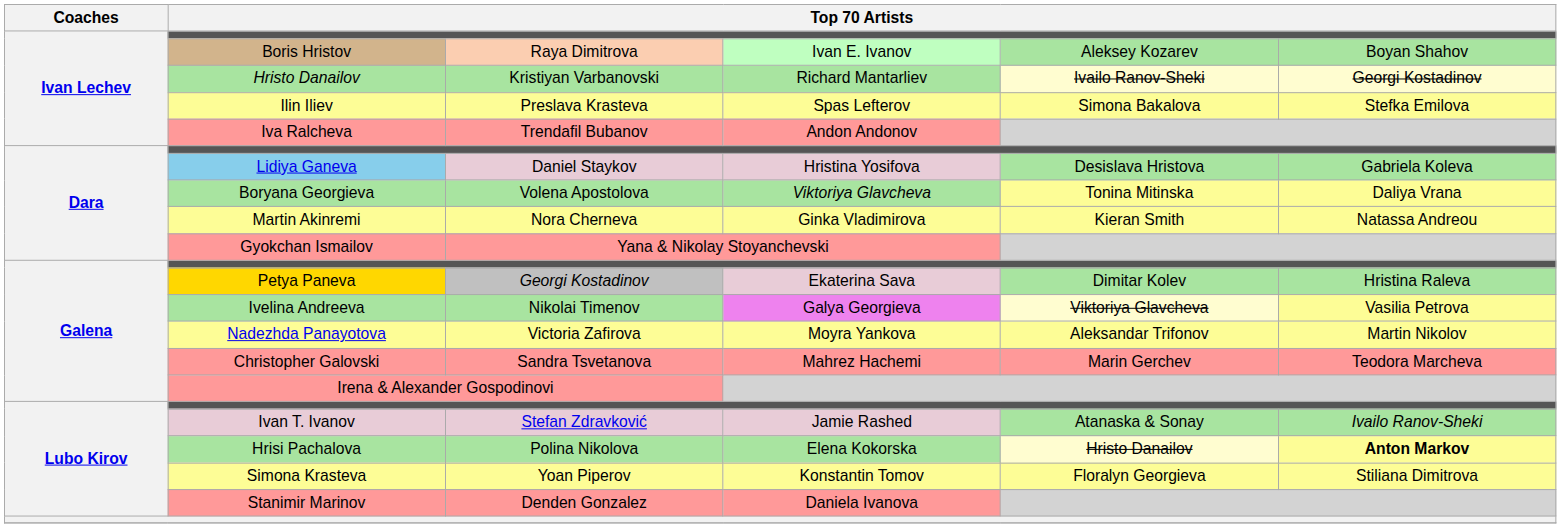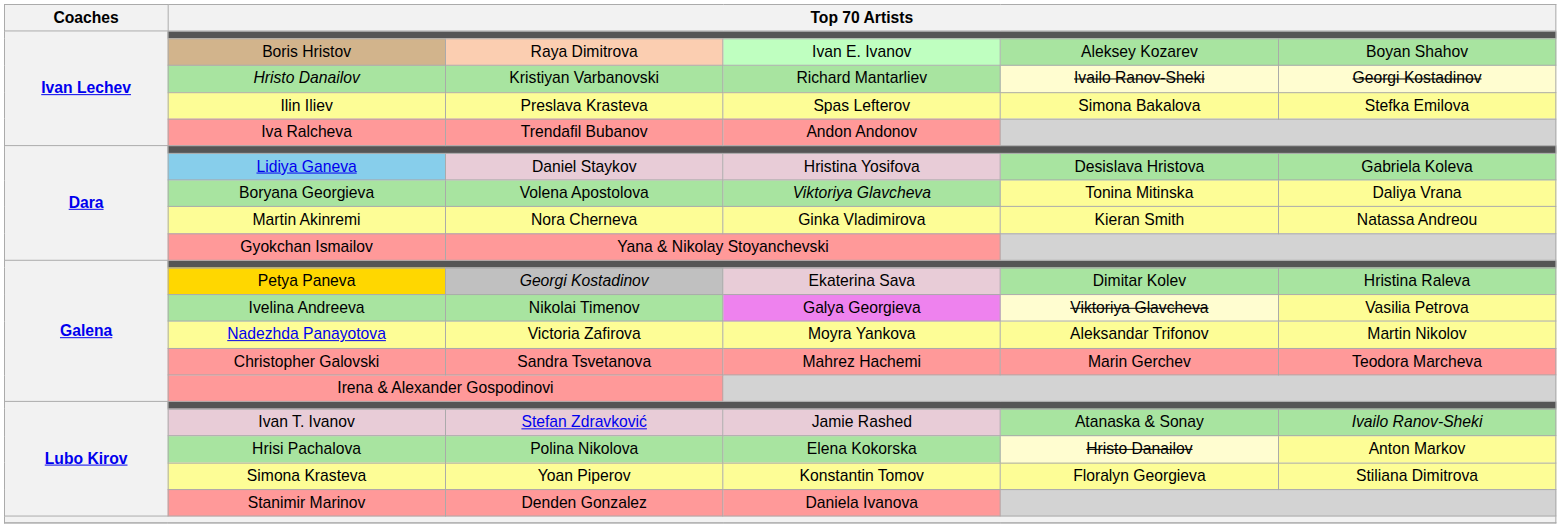 <table class="wikitable" style="text-align:center; line-height:20px; width:100%">
 <tr>
 <th scope="col" width="10%">Coaches</th>
 <th scope="col" width="90%" colspan="6">Top 70 Artists</th>
 </tr>
 <tr>
 <th rowspan="5"><a href='#'>Ivan Lechev</a></th>
 <td colspan="6" style="background:#555555"></td>
 </tr>
 <tr>
 <td style="background: tan">Boris Hristov</td>
 <td style="background:#fbceb1">Raya Dimitrova</td>
 <td style="background:#BFFFC0">Ivan E. Ivanov</td>
 <td style="background:#A8E4A0">Aleksey Kozarev</td>
 <td style="background:#A8E4A0">Boyan Shahov</td>
 </tr>
 <tr>
 <td style="background:#A8E4A0"><em>Hristo Danailov</em></td>
 <td style="background:#A8E4A0">Kristiyan Varbanovski</td>
 <td style="background:#A8E4A0">Richard Mantarliev</td>
 <td style="background:#FFFDD0"><s>Ivailo Ranov-Sheki</s></td>
 <td style="background:#FFFDD0"><s>Georgi Kostadinov</s></td>
 </tr>
 <tr>
 <td style="background:#FDFD96">Ilin Iliev</td>
 <td style="background:#FDFD96">Preslava Krasteva</td>
 <td style="background:#FDFD96">Spas Lefterov</td>
 <td style="background:#FDFD96">Simona Bakalova</td>
 <td style="background:#FDFD96">Stefka Emilova</td>
 </tr>
 <tr>
 <td style="background:#FF9999">Iva Ralcheva</td>
 <td style="background:#FF9999">Trendafil Bubanov</td>
 <td style="background:#FF9999">Andon Andonov</td>
 <td colspan="2" bgcolor="lightgrey"></td>
 </tr>
 <tr>
 <th rowspan="5"><a href='#'>Dara</a></th>
 <td colspan="6" style="background:#555555"></td>
 </tr>
 <tr>
 <td style="background: skyblue"><a href='#'>Lidiya Ganeva</a></td>
 <td style="background:#E8CCD7">Daniel Staykov</td>
 <td style="background:#E8CCD7">Hristina Yosifova</td>
 <td style="background:#A8E4A0">Desislava Hristova</td>
 <td style="background:#A8E4A0">Gabriela Koleva</td>
 </tr>
 <tr>
 <td style="background:#A8E4A0">Boryana Georgieva</td>
 <td style="background:#A8E4A0">Volena Apostolova</td>
 <td style="background:#A8E4A0"><em>Viktoriya Glavcheva</em></td>
 <td style="background:#FDFD96">Tonina Mitinska</td>
 <td style="background:#FDFD96">Daliya Vrana</td>
 </tr>
 <tr>
 <td style="background:#FDFD96">Martin Akinremi</td>
 <td style="background:#FDFD96">Nora Cherneva</td>
 <td style="background:#FDFD96">Ginka Vladimirova</td>
 <td style="background:#FDFD96">Kieran Smith</td>
 <td style="background:#FDFD96">Natassa Andreou</td>
 </tr>
 <tr>
 <td style="background:#FF9999">Gyokchan Ismailov</td>
 <td colspan="2" style="background:#FF9999">Yana & Nikolay Stoyanchevski</td>
 <td colspan="2" bgcolor="lightgrey"></td>
 </tr>
 <tr>
 <th rowspan="6"><a href='#'>Galena</a></th>
 <td colspan="6" style="background:#555555"></td>
 </tr>
 <tr>
 <td style="background: gold">Petya Paneva</td>
 <td style="background: silver"><em>Georgi Kostadinov</em></td>
 <td style="background:#E8CCD7">Ekaterina Sava</td>
 <td style="background:#A8E4A0">Dimitar Kolev</td>
 <td style="background:#A8E4A0">Hristina Raleva</td>
 </tr>
 <tr>
 <td style="background:#A8E4A0">Ivelina Andreeva</td>
 <td style="background:#A8E4A0">Nikolai Timenov</td>
 <td style="background: violet">Galya Georgieva</td>
 <td style="background:#FFFDD0"><s>Viktoriya Glavcheva</s></td>
 <td style="background:#FDFD96">Vasilia Petrova</td>
 </tr>
 <tr>
 <td style="background:#FDFD96"><a href='#'>Nadezhda Panayotova</a></td>
 <td style="background:#FDFD96">Victoria Zafirova</td>
 <td style="background:#FDFD96">Moyra Yankova</td>
 <td style="background:#FDFD96">Aleksandar Trifonov</td>
 <td style="background:#FDFD96">Martin Nikolov</td>
 </tr>
 <tr>
 <td style="background:#FF9999; width:17%">Christopher Galovski</td>
 <td style="background:#FF9999; width:17%">Sandra Tsvetanova</td>
 <td style="background:#FF9999; width:17%">Mahrez Hachemi</td>
 <td style="background:#FF9999; width:17%">Marin Gerchev</td>
 <td style="background:#FF9999; width:17%">Teodora Marcheva</td>
 </tr>
 <tr>
 <td style="background:#FF9999" colspan="2">Irena & Alexander Gospodinovi</td>
 <td colspan="3" bgcolor="lightgrey"></td>
 </tr>
 <tr>
 <th rowspan="5"><a href='#'>Lubo Kirov</a></th>
 <td colspan="6" style="background:#555555"></td>
 </tr>
 <tr>
 <td style="background:#E8CCD7">Ivan T. Ivanov</td>
 <td style="background:#E8CCD7"><a href='#'>Stefan Zdravković</a></td>
 <td style="background:#E8CCD7">Jamie Rashed</td>
 <td style="background:#A8E4A0">Atanaska & Sonay</td>
 <td style="background:#A8E4A0"><em>Ivailo Ranov-Sheki</em></td>
 </tr>
 <tr>
 <td style="background:#A8E4A0">Hrisi Pachalova</td>
 <td style="background:#A8E4A0">Polina Nikolova</td>
 <td style="background:#A8E4A0">Elena Kokorska</td>
 <td style="background:#FFFDD0"><s>Hristo Danailov</s></td>
-<td style="background:#FDFD96"><strong>Anton Markov</strong></td>
+<td style="background:#FDFD96">Anton Markov</td>
 </tr>
 <tr>
 <td style="background:#FDFD96">Simona Krasteva</td>
 <td style="background:#FDFD96">Yoan Piperov</td>
 <td style="background:#FDFD96">Konstantin Tomov</td>
 <td style="background:#FDFD96">Floralyn Georgieva</td>
 <td style="background:#FDFD96">Stiliana Dimitrova</td>
 </tr>
 <tr>
 <td style="background:#FF9999">Stanimir Marinov</td>
 <td style="background:#FF9999">Denden Gonzalez</td>
 <td style="background:#FF9999">Daniela Ivanova</td>
 <td colspan="2" bgcolor="lightgrey"></td>
 </tr>
 <tr>
 <th colspan="7" style="font-size:90%; line-height:12px;"></th>
 </tr>
 <tr>
 </tr>
 </table>
